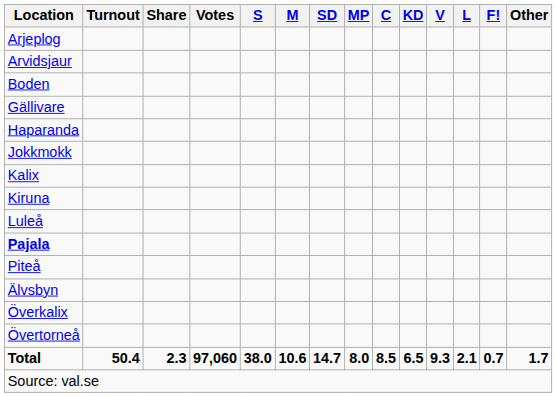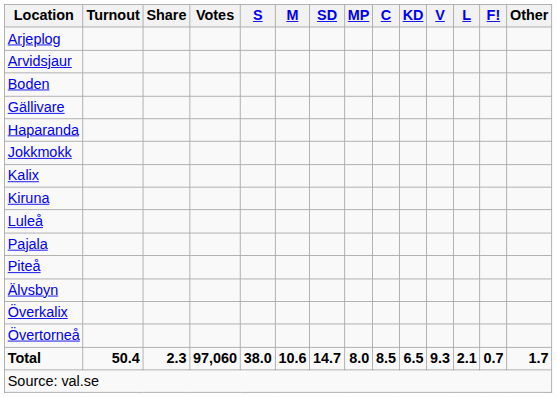 <table class="wikitable sortable" style=text-align:right>
 <tr>
 <th>Location</th>
 <th>Turnout</th>
 <th>Share</th>
 <th>Votes</th>
 <th><a href='#'>S</a></th>
 <th><a href='#'>M</a></th>
 <th><a href='#'>SD</a></th>
 <th><a href='#'>MP</a></th>
 <th><a href='#'>C</a></th>
 <th><a href='#'>KD</a></th>
 <th><a href='#'>V</a></th>
 <th><a href='#'>L</a></th>
 <th><a href='#'>F!</a></th>
 <th>Other</th>
 </tr>
 <tr>
 <td align=left><a href='#'>Arjeplog</a></td>
 <td></td>
 <td></td>
 <td></td>
 <td></td>
 <td></td>
 <td></td>
 <td></td>
 <td></td>
 <td></td>
 <td></td>
 <td></td>
 <td></td>
 <td></td>
 </tr>
 <tr>
 <td align=left><a href='#'>Arvidsjaur</a></td>
 <td></td>
 <td></td>
 <td></td>
 <td></td>
 <td></td>
 <td></td>
 <td></td>
 <td></td>
 <td></td>
 <td></td>
 <td></td>
 <td></td>
 <td></td>
 </tr>
 <tr>
 <td align=left><a href='#'>Boden</a></td>
 <td></td>
 <td></td>
 <td></td>
 <td></td>
 <td></td>
 <td></td>
 <td></td>
 <td></td>
 <td></td>
 <td></td>
 <td></td>
 <td></td>
 <td></td>
 </tr>
 <tr>
 <td align=left><a href='#'>Gällivare</a></td>
 <td></td>
 <td></td>
 <td></td>
 <td></td>
 <td></td>
 <td></td>
 <td></td>
 <td></td>
 <td></td>
 <td></td>
 <td></td>
 <td></td>
 <td></td>
 </tr>
 <tr>
 <td align=left><a href='#'>Haparanda</a></td>
 <td></td>
 <td></td>
 <td></td>
 <td></td>
 <td></td>
 <td></td>
 <td></td>
 <td></td>
 <td></td>
 <td></td>
 <td></td>
 <td></td>
 <td></td>
 </tr>
 <tr>
 <td align=left><a href='#'>Jokkmokk</a></td>
 <td></td>
 <td></td>
 <td></td>
 <td></td>
 <td></td>
 <td></td>
 <td></td>
 <td></td>
 <td></td>
 <td></td>
 <td></td>
 <td></td>
 <td></td>
 </tr>
 <tr>
 <td align=left><a href='#'>Kalix</a></td>
 <td></td>
 <td></td>
 <td></td>
 <td></td>
 <td></td>
 <td></td>
 <td></td>
 <td></td>
 <td></td>
 <td></td>
 <td></td>
 <td></td>
 <td></td>
 </tr>
 <tr>
 <td align=left><a href='#'>Kiruna</a></td>
 <td></td>
 <td></td>
 <td></td>
 <td></td>
 <td></td>
 <td></td>
 <td></td>
 <td></td>
 <td></td>
 <td></td>
 <td></td>
 <td></td>
 <td></td>
 </tr>
 <tr>
 <td align=left><a href='#'>Luleå</a></td>
 <td></td>
 <td></td>
 <td></td>
 <td></td>
 <td></td>
 <td></td>
 <td></td>
 <td></td>
 <td></td>
 <td></td>
 <td></td>
 <td></td>
 <td></td>
 </tr>
 <tr>
-<td align=left><strong><a href='#'>Pajala</a></strong></td>
+<td align=left><a href='#'>Pajala</a></td>
 <td></td>
 <td></td>
 <td></td>
 <td></td>
 <td></td>
 <td></td>
 <td></td>
 <td></td>
 <td></td>
 <td></td>
 <td></td>
 <td></td>
 <td></td>
 </tr>
 <tr>
 <td align=left><a href='#'>Piteå</a></td>
 <td></td>
 <td></td>
 <td></td>
 <td></td>
 <td></td>
 <td></td>
 <td></td>
 <td></td>
 <td></td>
 <td></td>
 <td></td>
 <td></td>
 <td></td>
 </tr>
 <tr>
 <td align=left><a href='#'>Älvsbyn</a></td>
 <td></td>
 <td></td>
 <td></td>
 <td></td>
 <td></td>
 <td></td>
 <td></td>
 <td></td>
 <td></td>
 <td></td>
 <td></td>
 <td></td>
 <td></td>
 </tr>
 <tr>
 <td align=left><a href='#'>Överkalix</a></td>
 <td></td>
 <td></td>
 <td></td>
 <td></td>
 <td></td>
 <td></td>
 <td></td>
 <td></td>
 <td></td>
 <td></td>
 <td></td>
 <td></td>
 <td></td>
 </tr>
 <tr>
 <td align=left><a href='#'>Övertorneå</a></td>
 <td></td>
 <td></td>
 <td></td>
 <td></td>
 <td></td>
 <td></td>
 <td></td>
 <td></td>
 <td></td>
 <td></td>
 <td></td>
 <td></td>
 <td></td>
 </tr>
 <tr>
 <td align=left><strong>Total</strong></td>
 <td><strong>50.4</strong></td>
 <td><strong>2.3</strong></td>
 <td><strong>97,060</strong></td>
 <td><strong>38.0</strong></td>
 <td><strong>10.6</strong></td>
 <td><strong>14.7</strong></td>
 <td><strong>8.0</strong></td>
 <td><strong>8.5</strong></td>
 <td><strong>6.5</strong></td>
 <td><strong>9.3</strong></td>
 <td><strong>2.1</strong></td>
 <td><strong>0.7</strong></td>
 <td><strong>1.7</strong></td>
 </tr>
 <tr>
 <td align=left colspan=14>Source: val.se </td>
 </tr>
 </table>
